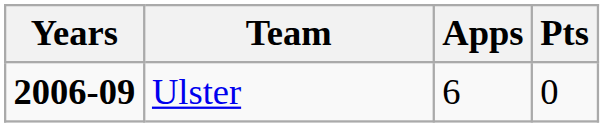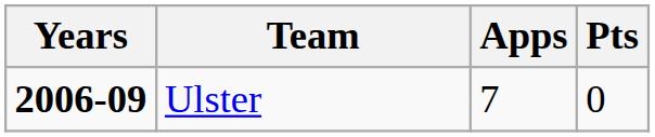 <table class="wikitable" style="text-align:left;">
 <tr>
 <th>Years</th>
 <th width=120px>Team</th>
 <th>Apps</th>
 <th>Pts</th>
 </tr>
 <tr>
 <td><strong>2006-09</strong></td>
 <td><a href='#'>Ulster</a></td>
-<td>6</td>
+<td>7</td>
 <td>0</td>
 </tr>
 </table>
